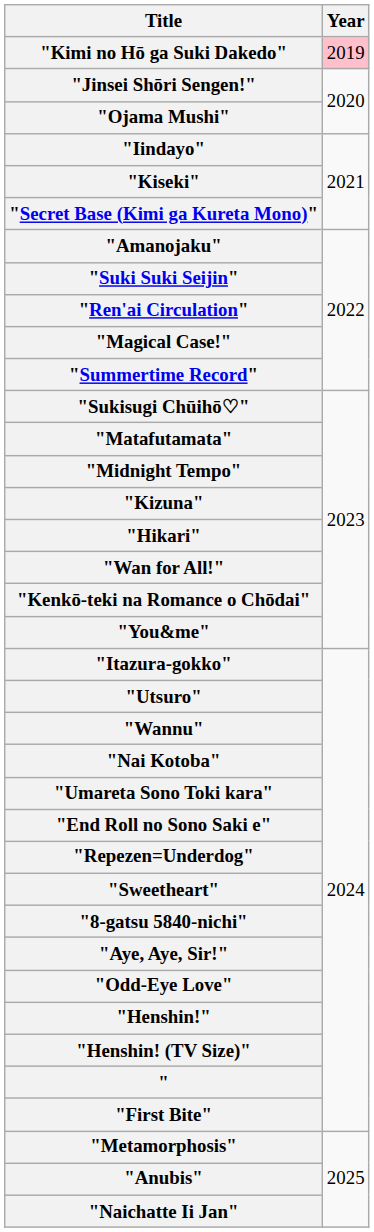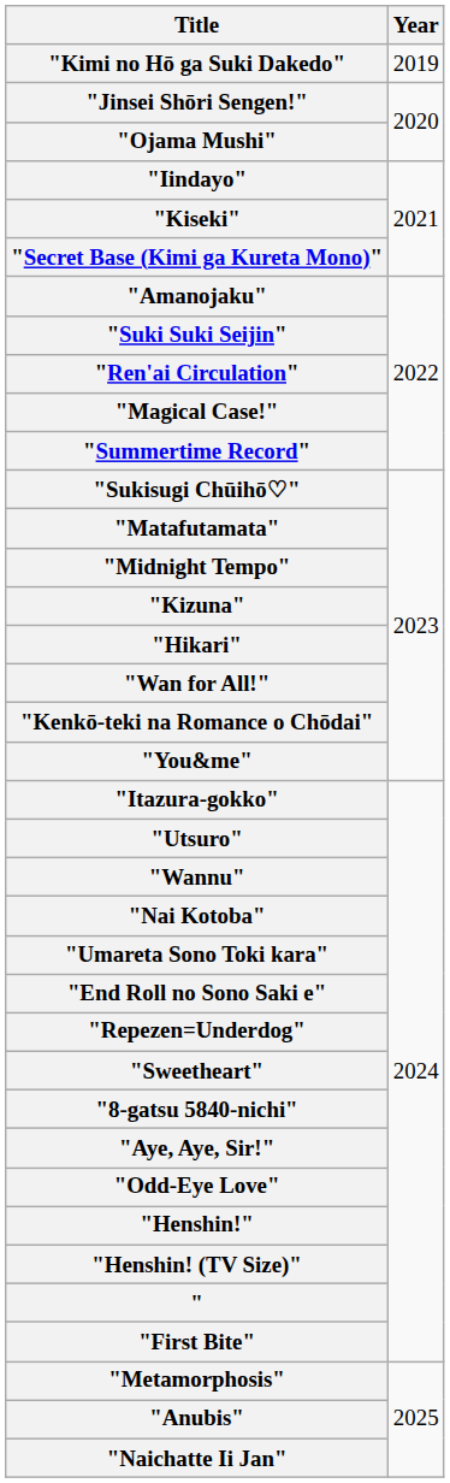 <table class="wikitable plainrowheaders" style="font-size:small; text-align:center">
 <tr>
 <th scope="col">Title</th>
 <th scope="col">Year</th>
 </tr>
 <tr>
 <th scope="row">"Kimi no Hō ga Suki Dakedo"</th>
-<td style="background: pink;">2019</td>
+<td>2019</td>
 </tr>
 <tr>
 <th scope="row">"Jinsei Shōri Sengen!"</th>
 <td rowspan="2">2020</td>
 </tr>
 <tr>
 <th scope="row">"Ojama Mushi"</th>
 </tr>
 <tr>
 <th scope="row">"Iindayo"</th>
 <td rowspan="3">2021</td>
 </tr>
 <tr>
 <th scope="row">"Kiseki"</th>
 </tr>
 <tr>
 <th scope="row">"<a href='#'>Secret Base (Kimi ga Kureta Mono)</a>"</th>
 </tr>
 <tr>
 <th scope="row">"Amanojaku"</th>
 <td rowspan="5">2022</td>
 </tr>
 <tr>
 <th scope="row">"<a href='#'>Suki Suki Seijin</a>"</th>
 </tr>
 <tr>
 <th scope="row">"<a href='#'>Ren'ai Circulation</a>"</th>
 </tr>
 <tr>
 <th scope="row">"Magical Case!"</th>
 </tr>
 <tr>
 <th scope="row">"<a href='#'>Summertime Record</a>"</th>
 </tr>
 <tr>
 <th scope="row">"Sukisugi Chūihō♡"</th>
 <td rowspan="8">2023</td>
 </tr>
 <tr>
 <th scope="row">"Matafutamata"</th>
 </tr>
 <tr>
 <th scope="row">"Midnight Tempo"</th>
 </tr>
 <tr>
 <th scope="row">"Kizuna"</th>
 </tr>
 <tr>
 <th scope="row">"Hikari"</th>
 </tr>
 <tr>
 <th scope="row">"Wan for All!"</th>
 </tr>
 <tr>
 <th scope="row">"Kenkō-teki na Romance o Chōdai"</th>
 </tr>
 <tr>
 <th scope="row">"You&me"</th>
 </tr>
 <tr>
 <th scope="row">"Itazura-gokko"</th>
 <td rowspan="15">2024</td>
 </tr>
 <tr>
 <th scope="row">"Utsuro"</th>
 </tr>
 <tr>
 <th scope="row">"Wannu"</th>
 </tr>
 <tr>
 <th scope="row">"Nai Kotoba"</th>
 </tr>
 <tr>
 <th scope="row">"Umareta Sono Toki kara"</th>
 </tr>
 <tr>
 <th scope="row">"End Roll no Sono Saki e"</th>
 </tr>
 <tr>
 <th scope="row">"Repezen=Underdog"</th>
 </tr>
 <tr>
 <th scope="row">"Sweetheart"</th>
 </tr>
 <tr>
 <th scope="row">"8-gatsu 5840-nichi"</th>
 </tr>
 <tr>
 <th scope="row">"Aye, Aye, Sir!"</th>
 </tr>
 <tr>
 <th scope="row">"Odd-Eye Love"</th>
 </tr>
 <tr>
 <th scope="row">"Henshin!"</th>
 </tr>
 <tr>
 <th scope="row">"Henshin! (TV Size)"</th>
 </tr>
 <tr>
 <th scope="row">"</th>
 </tr>
 <tr>
 <th scope="row">"First Bite"</th>
 </tr>
 <tr>
 <th scope="row">"Metamorphosis"</th>
 <td rowspan="3">2025</td>
 </tr>
 <tr>
 <th scope="row">"Anubis"</th>
 </tr>
 <tr>
 <th scope="row">"Naichatte Ii Jan"</th>
 </tr>
 </table>
